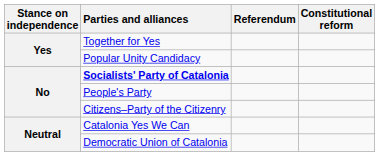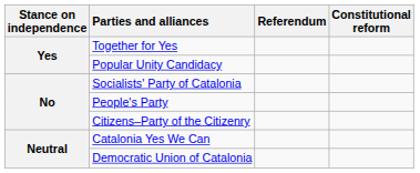 <table class="wikitable" style="font-size:95%;">
 <tr>
 <th>Stance on<br>independence</th>
 <th style="text-align:left;">Parties and alliances</th>
 <th width="75">Referendum</th>
 <th width="75">Constitutional<br>reform</th>
 </tr>
 <tr>
 <th rowspan="2"> Yes</th>
 <td><a href='#'>Together for Yes</a></td>
 <td align="center"></td>
 <td align="center"></td>
 </tr>
 <tr>
 <td><a href='#'>Popular Unity Candidacy</a></td>
 <td align="center"></td>
 <td align="center"></td>
 </tr>
 <tr>
 <th rowspan="3"> No</th>
-<td><strong><a href='#'>Socialists' Party of Catalonia</a></strong></td>
+<td><a href='#'>Socialists' Party of Catalonia</a></td>
 <td align="center"></td>
 <td align="center"></td>
 </tr>
 <tr>
 <td><a href='#'>People's Party</a></td>
 <td align="center"></td>
 <td align="center"></td>
 </tr>
 <tr>
 <td><a href='#'>Citizens–Party of the Citizenry</a></td>
 <td align="center"></td>
 <td align="center"></td>
 </tr>
 <tr>
 <th rowspan="2"> Neutral</th>
 <td><a href='#'>Catalonia Yes We Can</a></td>
 <td align="center"></td>
 <td align="center"></td>
 </tr>
 <tr>
 <td><a href='#'>Democratic Union of Catalonia</a></td>
 <td align="center"></td>
 <td align="center"></td>
 </tr>
 </table>
